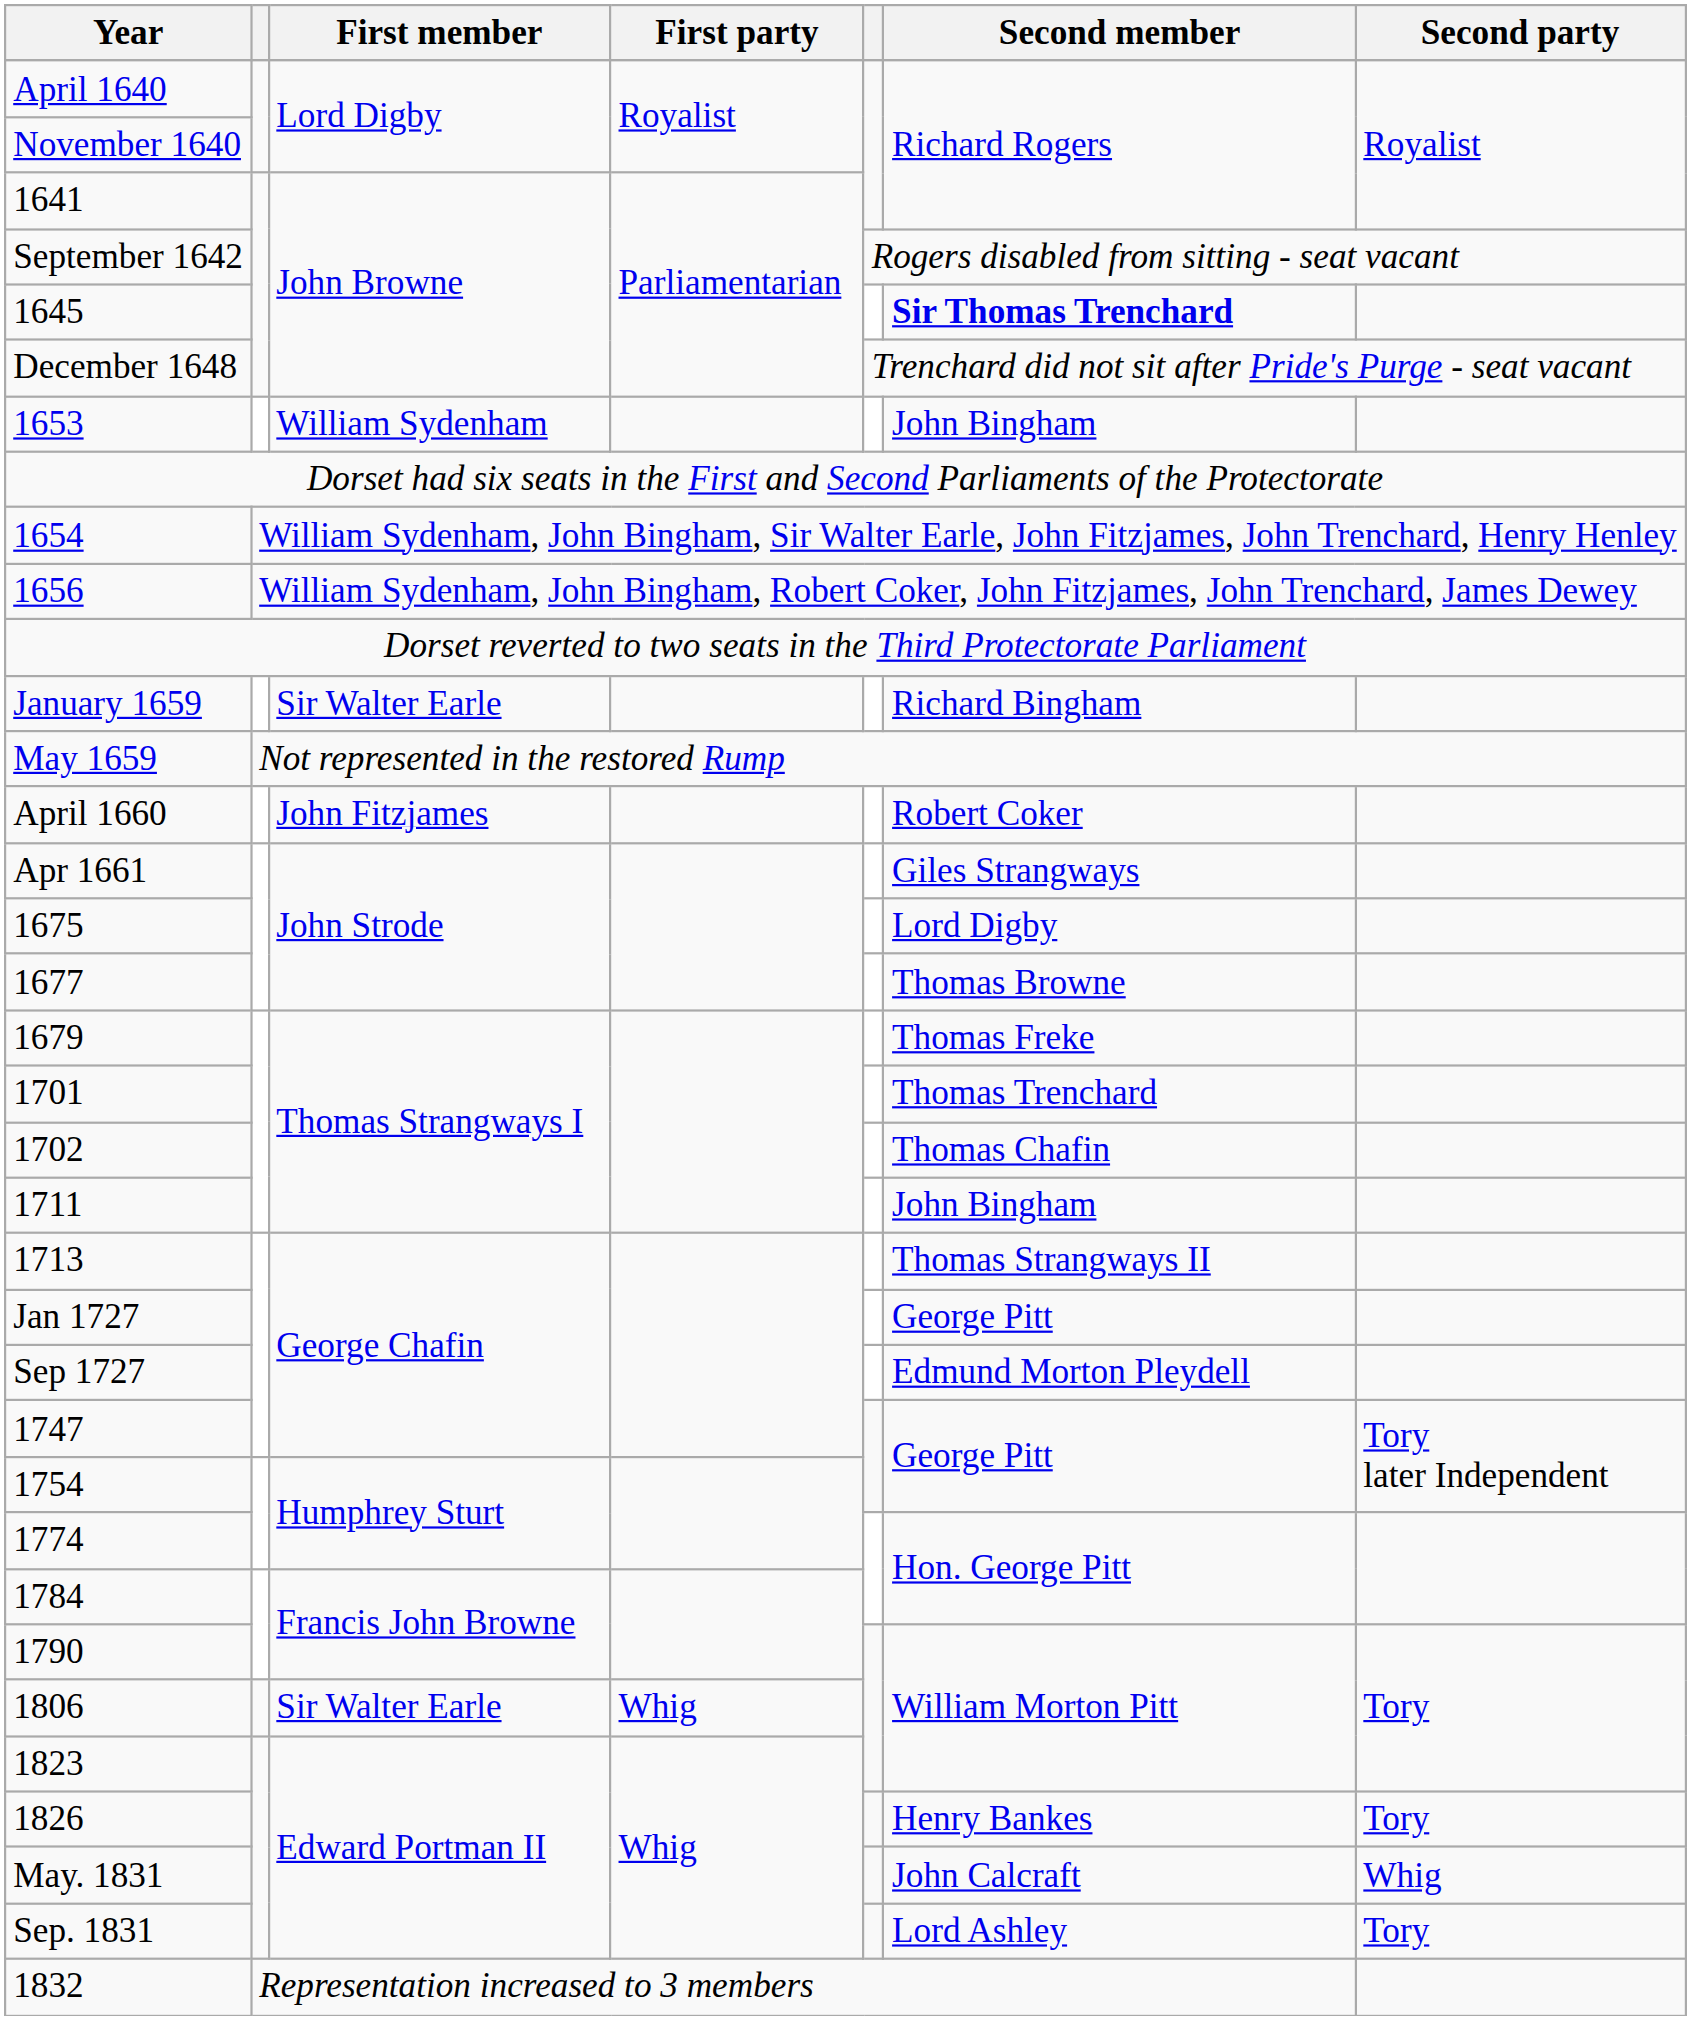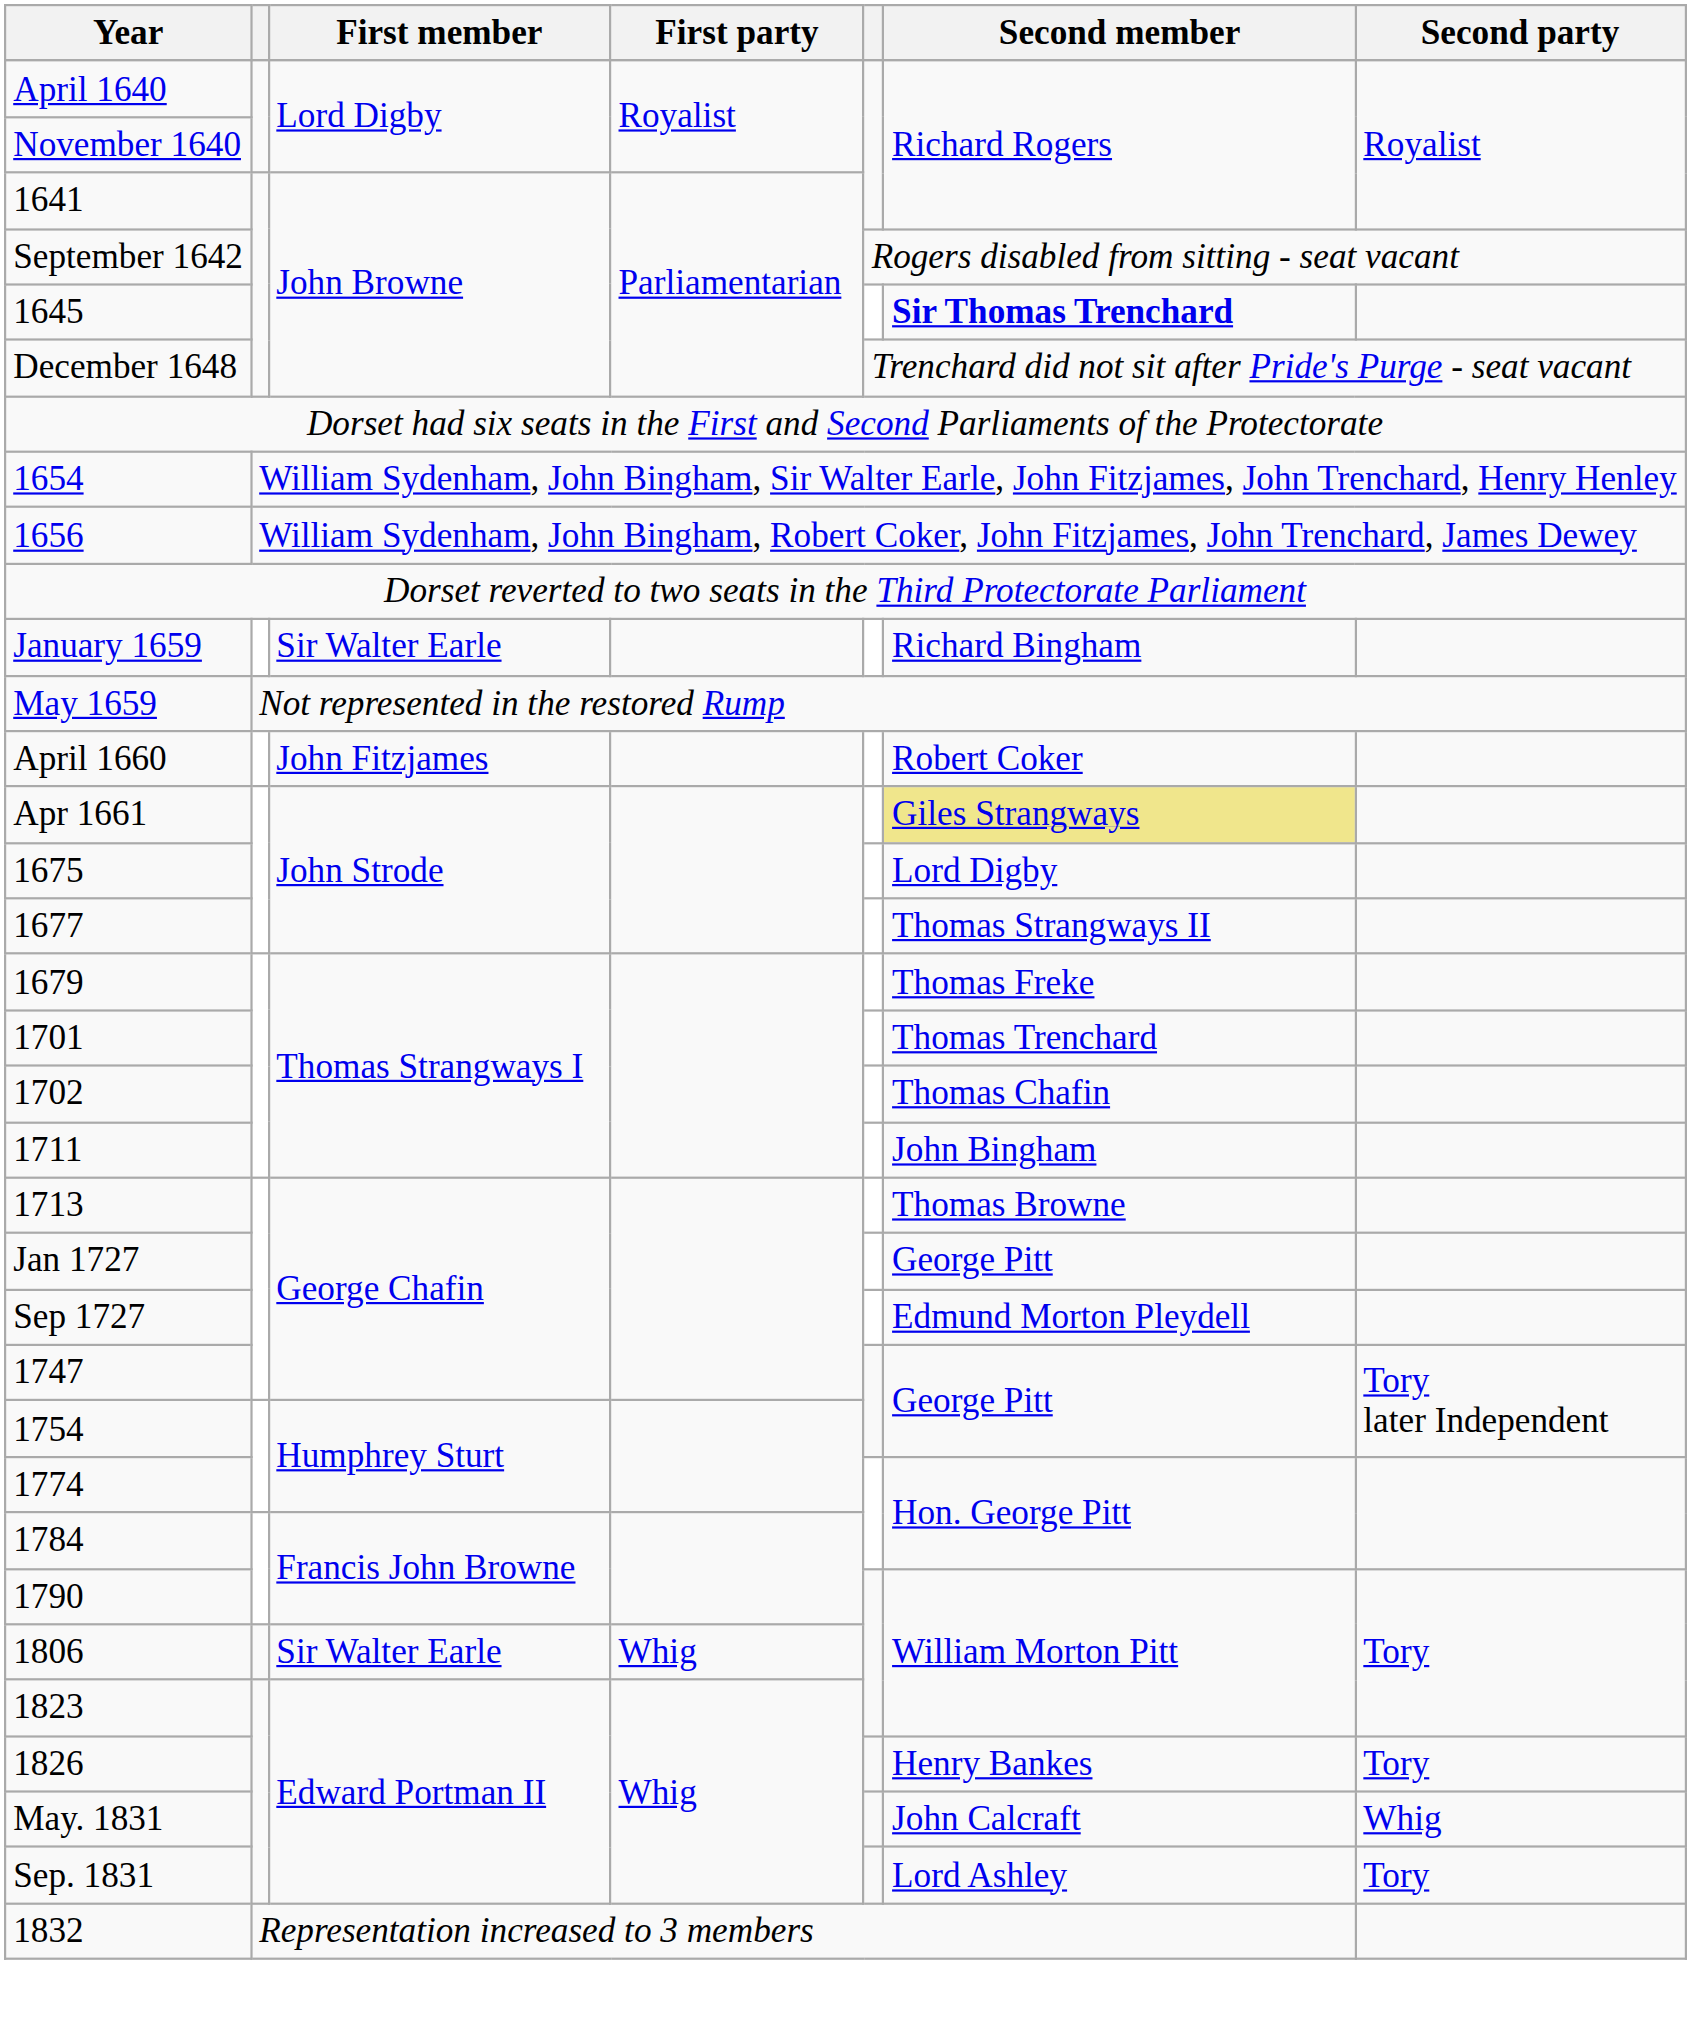 <table class="wikitable">
 <tr>
 <th>Year</th>
 <th></th>
 <th>First member</th>
 <th>First party</th>
 <th></th>
 <th>Second member</th>
 <th>Second party</th>
 </tr>
 <tr>
 </tr>
 <tr>
 <td><a href='#'>April 1640</a></td>
 <td rowspan="2" style="color:inherit;background-color: "></td>
 <td rowspan="2"><a href='#'>Lord Digby</a></td>
 <td rowspan="2"><a href='#'>Royalist</a></td>
 <td rowspan="3" style="color:inherit;background-color: "></td>
 <td rowspan="3"><a href='#'>Richard Rogers</a></td>
 <td rowspan="3"><a href='#'>Royalist</a></td>
 </tr>
 <tr>
 <td><a href='#'>November 1640</a></td>
 </tr>
 <tr>
 <td>1641</td>
 <td rowspan="4" style="color:inherit;background-color: "></td>
 <td rowspan="4"><a href='#'>John Browne</a></td>
 <td rowspan="4"><a href='#'>Parliamentarian</a></td>
 </tr>
 <tr>
 <td>September 1642</td>
 <td colspan="3"><em>Rogers disabled from sitting - seat vacant</em></td>
 </tr>
 <tr>
 <td>1645</td>
 <td style="color:inherit;background-color: white"></td>
 <td><strong><a href='#'>Sir Thomas Trenchard</a></strong></td>
 <td></td>
 </tr>
 <tr>
 <td>December 1648</td>
 <td colspan="3"><em>Trenchard did not sit after <a href='#'>Pride's Purge</a> - seat vacant</em></td>
 </tr>
 <tr>
-<td><a href='#'>1653</a></td>
-<td style="color:inherit;background-color: white"></td>
-<td><a href='#'>William Sydenham</a></td>
-<td></td>
-<td style="color:inherit;background-color: white"></td>
-<td><a href='#'>John Bingham</a></td>
-<td></td>
-</tr>
-<tr>
 <td colspan="7" align="center"><em>Dorset had six seats in the <a href='#'>First</a> and <a href='#'>Second</a> Parliaments of the Protectorate</em></td>
 </tr>
 <tr>
 <td><a href='#'>1654</a></td>
 <td colspan="6"><a href='#'>William Sydenham</a>, <a href='#'>John Bingham</a>, <a href='#'>Sir Walter Earle</a>, <a href='#'>John Fitzjames</a>, <a href='#'>John Trenchard</a>, <a href='#'>Henry Henley</a></td>
 </tr>
 <tr>
 <td><a href='#'>1656</a></td>
 <td colspan="6"><a href='#'>William Sydenham</a>, <a href='#'>John Bingham</a>, <a href='#'>Robert Coker</a>, <a href='#'>John Fitzjames</a>, <a href='#'>John Trenchard</a>, <a href='#'>James Dewey</a></td>
 </tr>
 <tr>
 <td colspan="7" align="center"><em>Dorset reverted to two seats in the <a href='#'>Third Protectorate Parliament</a></em></td>
 </tr>
 <tr>
 <td><a href='#'>January 1659</a></td>
 <td style="color:inherit;background-color: white"></td>
 <td><a href='#'>Sir Walter Earle</a></td>
 <td></td>
 <td style="color:inherit;background-color: white"></td>
 <td><a href='#'>Richard Bingham</a> </td>
 <td></td>
 </tr>
 <tr>
 <td><a href='#'>May 1659</a></td>
 <td colspan="6"><em>Not represented in the restored <a href='#'>Rump</a></em></td>
 </tr>
 <tr>
 <td>April 1660</td>
 <td style="color:inherit;background-color: white"></td>
 <td><a href='#'>John Fitzjames</a></td>
 <td></td>
 <td style="color:inherit;background-color: white"></td>
 <td><a href='#'>Robert Coker</a></td>
 <td></td>
 </tr>
 <tr>
 <td>Apr 1661</td>
 <td rowspan="3" style="color:inherit;background-color: white"></td>
 <td rowspan="3"><a href='#'>John Strode</a> </td>
 <td rowspan="3"></td>
 <td style="color:inherit;background-color: white"></td>
-<td><a href='#'>Giles Strangways</a> </td>
+<td style="background: khaki;"><a href='#'>Giles Strangways</a> </td>
 <td></td>
 </tr>
 <tr>
 <td>1675</td>
 <td style="color:inherit;background-color: white"></td>
 <td><a href='#'>Lord Digby</a> </td>
 <td></td>
 </tr>
 <tr>
 <td>1677</td>
 <td style="color:inherit;background-color: white"></td>
-<td><a href='#'>Thomas Browne</a>     </td>
+<td><a href='#'>Thomas Strangways II</a></td>
 <td></td>
 </tr>
 <tr>
 <td>1679</td>
 <td rowspan="4" style="color:inherit;background-color: white"></td>
 <td rowspan="4"><a href='#'>Thomas Strangways I</a>  </td>
 <td rowspan="4"></td>
 <td style="color:inherit;background-color: white"></td>
 <td><a href='#'>Thomas Freke</a></td>
 <td></td>
 </tr>
 <tr>
 <td>1701</td>
 <td style="color:inherit;background-color: white"></td>
 <td><a href='#'>Thomas Trenchard</a> </td>
 <td></td>
 </tr>
 <tr>
 <td>1702</td>
 <td style="color:inherit;background-color: white"></td>
 <td><a href='#'>Thomas Chafin</a> </td>
 <td></td>
 </tr>
 <tr>
 <td>1711</td>
 <td style="color:inherit;background-color: white"></td>
 <td><a href='#'>John Bingham</a></td>
 <td></td>
 </tr>
 <tr>
 <td>1713</td>
 <td rowspan="4"  style="color:inherit;background-color: white"></td>
 <td rowspan="4"><a href='#'>George Chafin</a>  </td>
 <td rowspan="4"></td>
 <td style="color:inherit;background-color: white"></td>
-<td><a href='#'>Thomas Strangways II</a></td>
+<td><a href='#'>Thomas Browne</a>     </td>
 <td></td>
 </tr>
 <tr>
 <td>Jan 1727</td>
 <td style="color:inherit;background-color: white"></td>
 <td><a href='#'>George Pitt</a></td>
 <td></td>
 </tr>
 <tr>
 <td>Sep 1727</td>
 <td style="color:inherit;background-color: white"></td>
 <td><a href='#'>Edmund Morton Pleydell</a> </td>
 <td></td>
 </tr>
 <tr>
 <td>1747</td>
 <td rowspan="2" style="color:inherit;background-color: "></td>
 <td rowspan="2"><a href='#'>George Pitt</a></td>
 <td rowspan="2"><a href='#'>Tory</a> <br>later Independent</td>
 </tr>
 <tr>
 <td>1754</td>
 <td rowspan="2" style="color:inherit;background-color: white"></td>
 <td rowspan="2"><a href='#'>Humphrey Sturt</a>  </td>
 <td rowspan="2"></td>
 </tr>
 <tr>
 <td>1774</td>
 <td rowspan="2" style="color:inherit;background-color: white"></td>
 <td rowspan="2"><a href='#'>Hon. George Pitt</a></td>
 <td rowspan="2"></td>
 </tr>
 <tr>
 <td>1784</td>
 <td rowspan="2" style="color:inherit;background-color: white"></td>
 <td rowspan="2"><a href='#'>Francis John Browne</a></td>
 <td rowspan="2"></td>
 </tr>
 <tr>
 <td>1790</td>
 <td rowspan="3" style="color:inherit;background-color: "></td>
 <td rowspan="3"><a href='#'>William Morton Pitt</a> </td>
 <td rowspan="3"><a href='#'>Tory</a></td>
 </tr>
 <tr>
 <td>1806</td>
 <td style="color:inherit;background-color: "></td>
 <td><a href='#'>Sir Walter Earle</a></td>
 <td><a href='#'>Whig</a></td>
 </tr>
 <tr>
 <td>1823</td>
 <td rowspan="4" style="color:inherit;background-color: "></td>
 <td rowspan="4"><a href='#'>Edward Portman II</a></td>
 <td rowspan="4"><a href='#'>Whig</a></td>
 </tr>
 <tr>
 <td>1826</td>
 <td style="color:inherit;background-color: "></td>
 <td><a href='#'>Henry Bankes</a> </td>
 <td><a href='#'>Tory</a></td>
 </tr>
 <tr>
 <td>May. 1831</td>
 <td style="color:inherit;background-color: "></td>
 <td><a href='#'>John Calcraft</a></td>
 <td><a href='#'>Whig</a></td>
 </tr>
 <tr>
 <td>Sep. 1831</td>
 <td style="color:inherit;background-color: "></td>
 <td><a href='#'>Lord Ashley</a></td>
 <td><a href='#'>Tory</a></td>
 </tr>
 <tr>
 <td>1832</td>
 <td colspan="5"><em>Representation increased to 3 members</em></td>
 </tr>
 </table>
